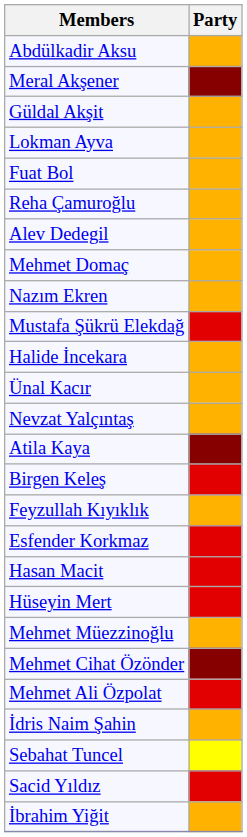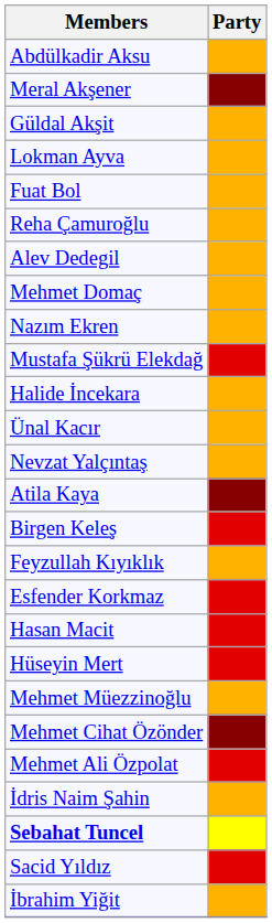 <table class=wikitable style="border:1px solid #8888aa; background-color:#f7f8ff; padding:0px; font-size:90%;">
 <tr>
 <th>Members</th>
 <th colspan="2">Party</th>
 </tr>
 <tr>
 <td><a href='#'>Abdülkadir Aksu</a></td>
 <td style="background: #ffb300"></td>
 </tr>
 <tr>
 <td><a href='#'>Meral Akşener</a></td>
 <td style="background: #870000"></td>
 </tr>
 <tr>
 <td><a href='#'>Güldal Akşit</a></td>
 <td style="background: #ffb300"></td>
 </tr>
 <tr>
 <td><a href='#'>Lokman Ayva</a></td>
 <td style="background: #ffb300"></td>
 </tr>
 <tr>
 <td><a href='#'>Fuat Bol</a></td>
 <td style="background: #ffb300"></td>
 </tr>
 <tr>
 <td><a href='#'>Reha Çamuroğlu</a></td>
 <td style="background: #ffb300"></td>
 </tr>
 <tr>
 <td><a href='#'>Alev Dedegil</a></td>
 <td style="background: #ffb300"></td>
 </tr>
 <tr>
 <td><a href='#'>Mehmet Domaç</a></td>
 <td style="background: #ffb300"></td>
 </tr>
 <tr>
 <td><a href='#'>Nazım Ekren</a></td>
 <td style="background: #ffb300"></td>
 </tr>
 <tr>
 <td><a href='#'>Mustafa Şükrü Elekdağ</a></td>
 <td style="background: #e30000"></td>
 </tr>
 <tr>
 <td><a href='#'>Halide İncekara</a></td>
 <td style="background: #ffb300"></td>
 </tr>
 <tr>
 <td><a href='#'>Ünal Kacır</a></td>
 <td style="background: #ffb300"></td>
 </tr>
 <tr>
 <td><a href='#'>Nevzat Yalçıntaş</a></td>
 <td style="background: #ffb300"></td>
 </tr>
 <tr>
 <td><a href='#'>Atila Kaya</a></td>
 <td style="background: #870000"></td>
 </tr>
 <tr>
 <td><a href='#'>Birgen Keleş</a></td>
 <td style="background: #e30000"></td>
 </tr>
 <tr>
 <td><a href='#'>Feyzullah Kıyıklık</a></td>
 <td style="background: #ffb300"></td>
 </tr>
 <tr>
 <td><a href='#'>Esfender Korkmaz</a></td>
 <td style="background: #e30000"></td>
 </tr>
 <tr>
 <td><a href='#'>Hasan Macit</a></td>
 <td style="background: #e30000"></td>
 </tr>
 <tr>
 <td><a href='#'>Hüseyin Mert</a></td>
 <td style="background: #e30000"></td>
 </tr>
 <tr>
 <td><a href='#'>Mehmet Müezzinoğlu</a></td>
 <td style="background: #ffb300"></td>
 </tr>
 <tr>
 <td><a href='#'>Mehmet Cihat Özönder</a></td>
 <td style="background: #870000"></td>
 </tr>
 <tr>
 <td><a href='#'>Mehmet Ali Özpolat</a></td>
 <td style="background: #e30000"></td>
 </tr>
 <tr>
 <td><a href='#'>İdris Naim Şahin</a></td>
 <td style="background: #ffb300"></td>
 </tr>
 <tr>
-<td><a href='#'>Sebahat Tuncel</a></td>
+<td><strong><a href='#'>Sebahat Tuncel</a></strong></td>
 <td style="background: #ffff00"></td>
 </tr>
 <tr>
 <td><a href='#'>Sacid Yıldız</a></td>
 <td style="background: #e30000"></td>
 </tr>
 <tr>
 <td><a href='#'>İbrahim Yiğit</a></td>
 <td style="background: #ffb300"></td>
 </tr>
 <tr>
 </tr>
 </table>
